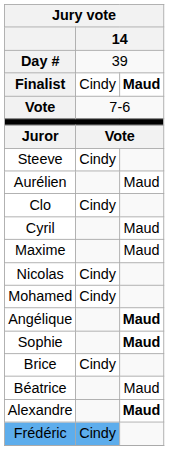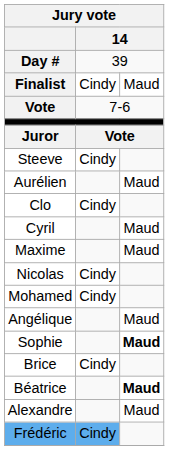 <table class="wikitable" style="text-align:center">
 <tr>
 <th colspan=3>Jury vote</th>
 </tr>
 <tr>
 <th></th>
 <th colspan="2">14</th>
 </tr>
 <tr>
 <th>Day #</th>
 <td colspan="2">39</td>
 </tr>
 <tr>
 <th>Finalist</th>
 <td bgcolor="white">Cindy</td>
-<td bgcolor="white"><strong>Maud</strong></td>
+<td bgcolor="white">Maud</td>
 </tr>
 <tr>
 <th>Vote</th>
 <td colspan=2>7-6</td>
 </tr>
 <tr>
 <td colspan=13 bgcolor=black></td>
 </tr>
 <tr>
 <th>Juror</th>
 <th colspan=2>Vote</th>
 </tr>
 <tr>
 <td bgcolor="white">Steeve</td>
 <td bgcolor="white">Cindy</td>
 <td></td>
 </tr>
 <tr>
 <td bgcolor="white">Aurélien</td>
 <td></td>
 <td bgcolor="white">Maud</td>
 </tr>
 <tr>
 <td bgcolor="white">Clo</td>
 <td bgcolor="white">Cindy</td>
 <td></td>
 </tr>
 <tr>
 <td bgcolor="white">Cyril</td>
 <td></td>
 <td bgcolor="white">Maud</td>
 </tr>
 <tr>
 <td bgcolor="white">Maxime</td>
 <td></td>
 <td bgcolor="white">Maud</td>
 </tr>
 <tr>
 <td bgcolor="white">Nicolas</td>
 <td bgcolor="white">Cindy</td>
 <td></td>
 </tr>
 <tr>
 <td bgcolor="white">Mohamed</td>
 <td bgcolor="white">Cindy</td>
 <td></td>
 </tr>
 <tr>
 <td bgcolor="white">Angélique</td>
 <td></td>
-<td bgcolor="white"><strong>Maud</strong></td>
+<td bgcolor="white">Maud</td>
 </tr>
 <tr>
 <td bgcolor="white">Sophie</td>
 <td></td>
 <td bgcolor="white"><strong>Maud</strong></td>
 </tr>
 <tr>
 <td bgcolor="white">Brice</td>
 <td bgcolor="white">Cindy</td>
 <td></td>
 </tr>
 <tr>
 <td bgcolor="white">Béatrice</td>
 <td></td>
-<td bgcolor="white">Maud</td>
+<td bgcolor="white"><strong>Maud</strong></td>
 </tr>
 <tr>
 <td bgcolor="white">Alexandre</td>
 <td></td>
-<td bgcolor="white"><strong>Maud</strong></td>
+<td bgcolor="white">Maud</td>
 </tr>
 <tr>
 <td bgcolor="#5dadec">Frédéric</td>
 <td bgcolor="#5dadec"><span>Cindy</span></td>
 <td></td>
 </tr>
 <tr>
 </tr>
 </table>
